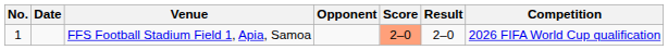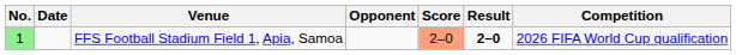 <table class="wikitable sortable">
 <tr>
 <th scope="col">No.</th>
 <th scope="col">Date</th>
 <th scope="col">Venue</th>
 <th scope="col">Opponent</th>
 <th scope="col">Score</th>
 <th scope="col">Result</th>
 <th scope="col">Competition</th>
 </tr>
 <tr>
-<td align="center">1</td>
+<td align="center" style="background: lightgreen;">1</td>
 <td></td>
 <td><a href='#'>FFS Football Stadium Field 1</a>, <a href='#'>Apia</a>, Samoa</td>
 <td></td>
 <td align="center" style="background: lightsalmon;">2–0</td>
-<td align="center">2–0</td>
+<td align="center"><strong>2–0</strong></td>
 <td rowspan="2"><a href='#'>2026 FIFA World Cup qualification</a></td>
 </tr>
 </table>
